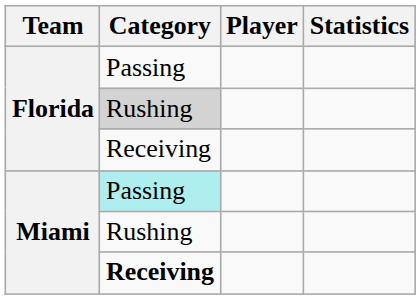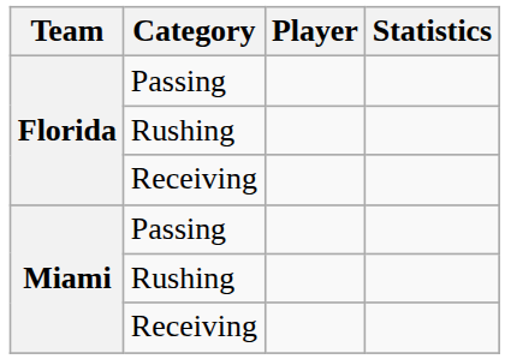 <table class="wikitable" style="float:right">
 <tr>
 <th>Team</th>
 <th>Category</th>
 <th>Player</th>
 <th>Statistics</th>
 </tr>
 <tr>
 <th rowspan=3>Florida</th>
 <td>Passing</td>
 <td></td>
 <td></td>
 </tr>
 <tr>
-<td style="background: lightgrey;">Rushing</td>
+<td>Rushing</td>
 <td></td>
 <td></td>
 </tr>
 <tr>
 <td>Receiving</td>
 <td></td>
 <td></td>
 </tr>
 <tr>
 <th rowspan=3>Miami</th>
-<td style="background: paleturquoise;">Passing</td>
+<td>Passing</td>
 <td></td>
 <td></td>
 </tr>
 <tr>
 <td>Rushing</td>
 <td></td>
 <td></td>
 </tr>
 <tr>
-<td><strong>Receiving</strong></td>
+<td>Receiving</td>
 <td></td>
 <td></td>
 </tr>
 </table>
